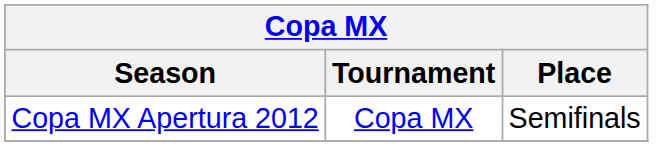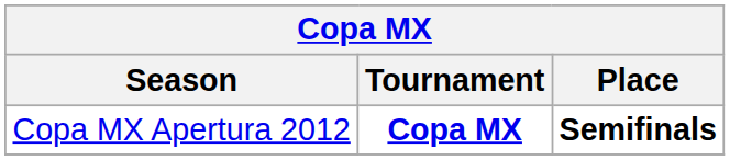 <table class="wikitable" style="text-align: center;">
 <tr>
 <th colspan=9><a href='#'>Copa MX</a></th>
 </tr>
 <tr>
 <th>Season</th>
 <th>Tournament</th>
 <th>Place</th>
 </tr>
 <tr style="background: #FFFFFF;">
 <td><a href='#'>Copa MX Apertura 2012</a></td>
-<td><a href='#'>Copa MX</a></td>
-<td>Semifinals</td>
+<td><strong><a href='#'>Copa MX</a></strong></td>
+<td><strong>Semifinals</strong></td>
 </tr>
 <tr>
 </tr>
 </table>
